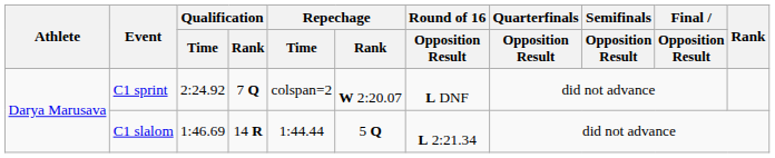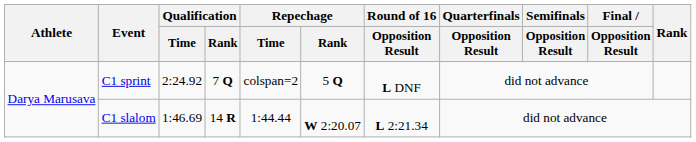 <table class="wikitable" style="font-size:90%;">
 <tr>
 <th rowspan=2>Athlete</th>
 <th rowspan=2>Event</th>
 <th colspan=2>Qualification</th>
 <th colspan=2>Repechage</th>
 <th>Round of 16</th>
 <th>Quarterfinals</th>
 <th>Semifinals</th>
 <th>Final / </th>
 <th rowspan=2>Rank</th>
 </tr>
 <tr style="font-size:95%">
 <th>Time</th>
 <th>Rank</th>
 <th>Time</th>
 <th>Rank</th>
 <th>Opposition<br>Result</th>
 <th>Opposition<br>Result</th>
 <th>Opposition<br>Result</th>
 <th>Opposition<br>Result</th>
 </tr>
 <tr align=center>
 <td align=left rowspan=2><a href='#'>Darya Marusava</a></td>
 <td align=left><a href='#'>C1 sprint</a></td>
 <td>2:24.92</td>
 <td>7 <strong>Q</strong></td>
 <td>colspan=2 </td>
-<td><br><strong>W</strong> 2:20.07</td>
+<td>5 <strong>Q</strong></td>
 <td><br><strong>L</strong> DNF</td>
 <td colspan=3>did not advance</td>
 </tr>
 <tr align=center>
 <td align=left><a href='#'>C1 slalom</a></td>
 <td>1:46.69</td>
 <td>14 <strong>R</strong></td>
 <td>1:44.44</td>
-<td>5 <strong>Q</strong></td>
+<td><br><strong>W</strong> 2:20.07</td>
 <td><br><strong>L</strong> 2:21.34</td>
 <td colspan=4>did not advance</td>
 </tr>
 </table>
